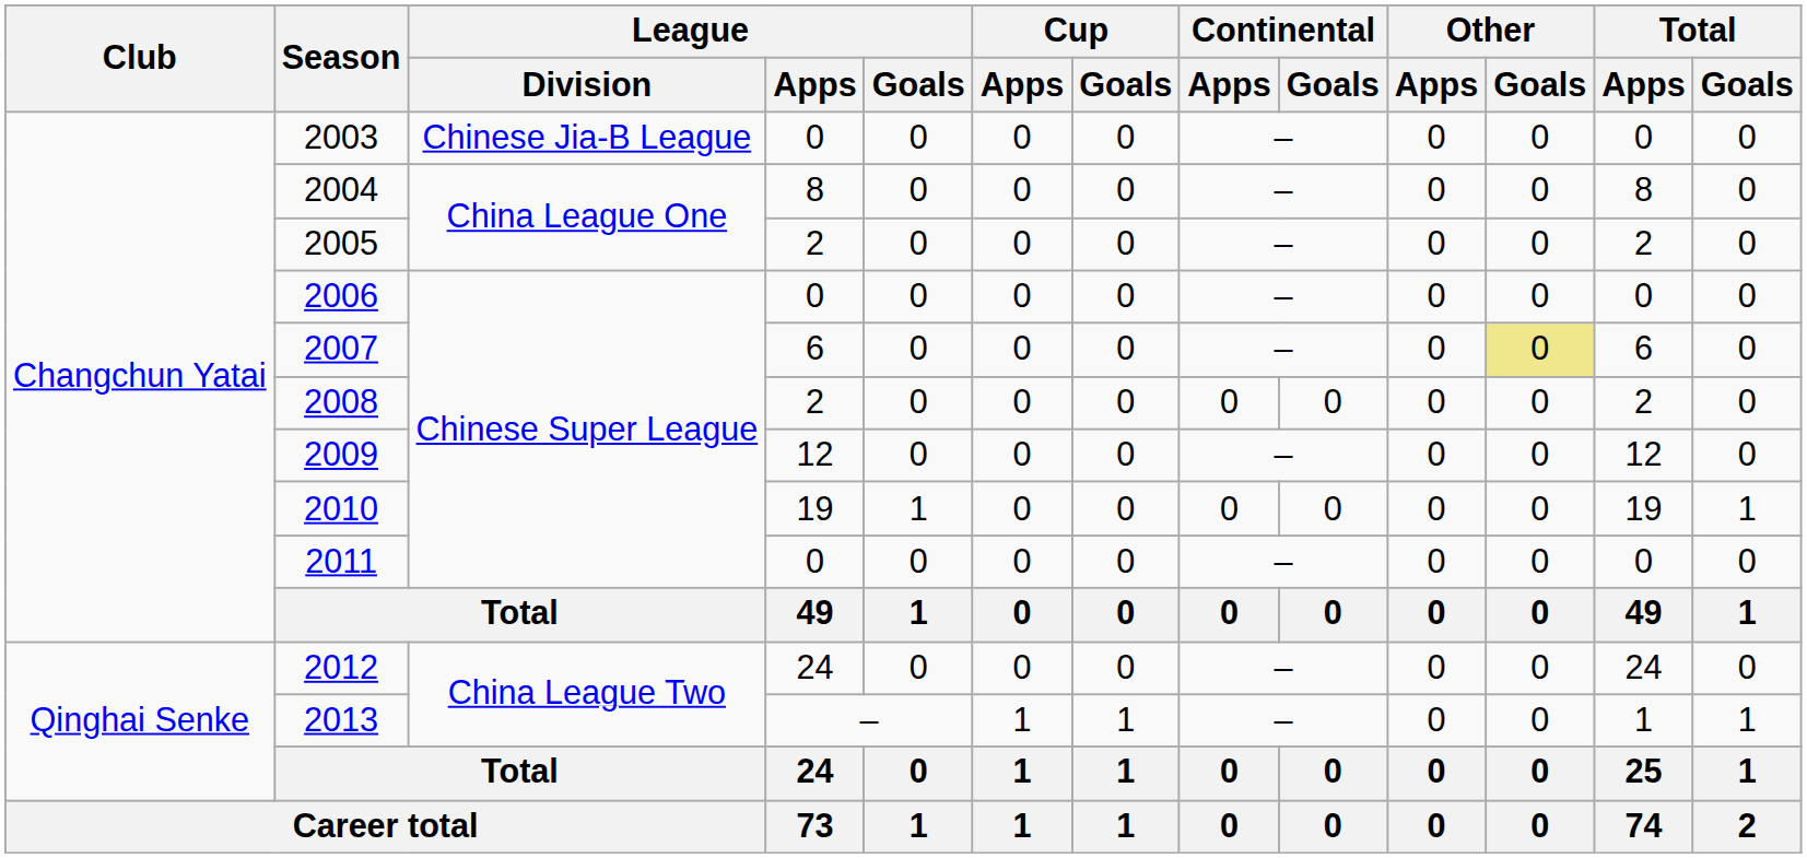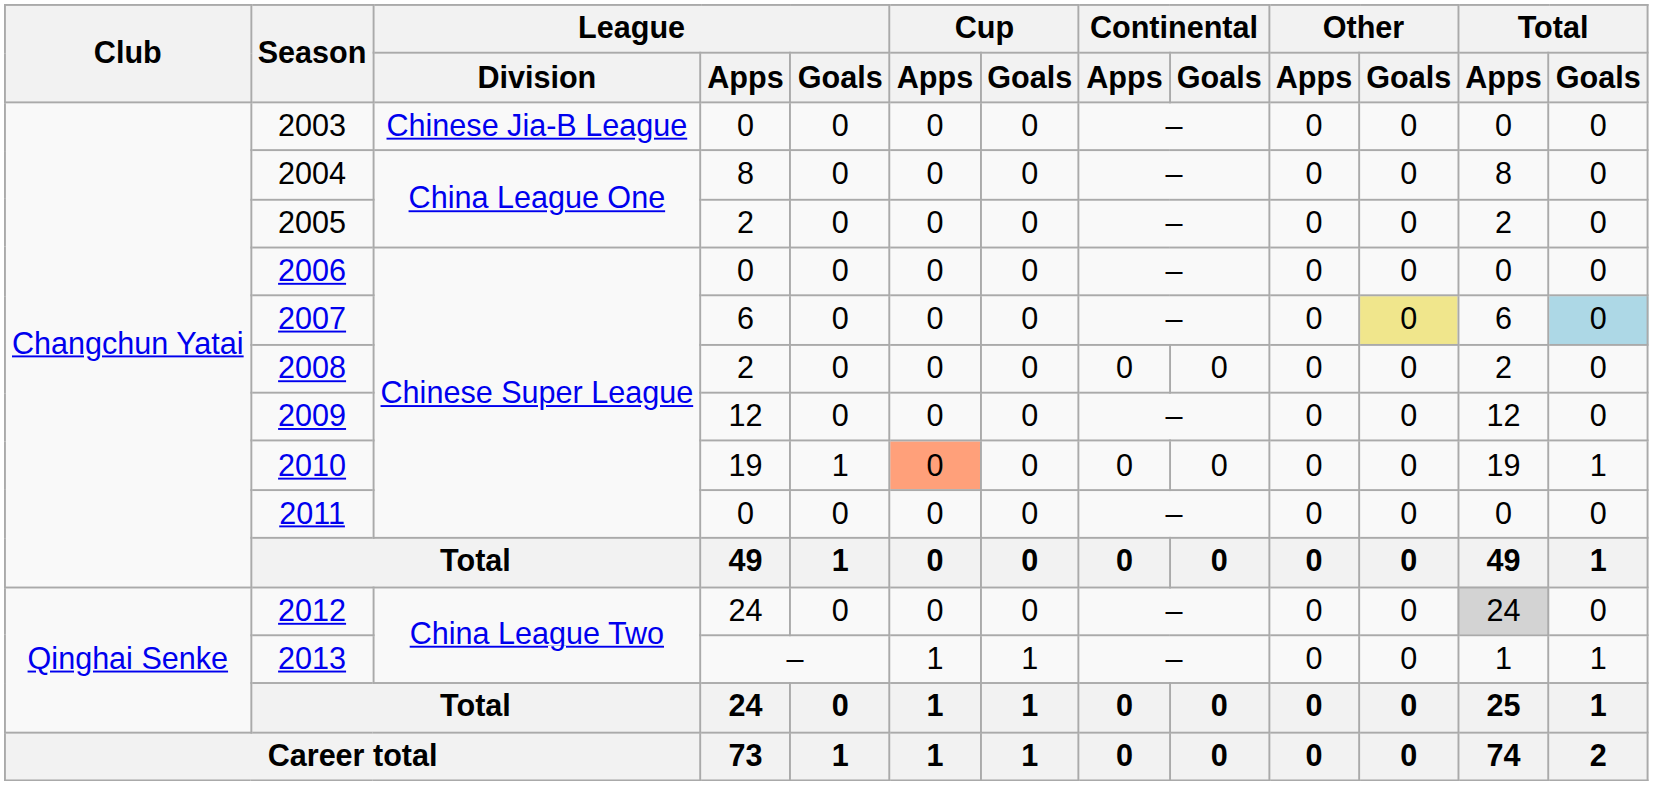 <table class="wikitable" style="text-align: center">
 <tr>
 <th rowspan="2">Club</th>
 <th rowspan="2">Season</th>
 <th colspan="3">League</th>
 <th colspan="2">Cup</th>
 <th colspan="2">Continental</th>
 <th colspan="2">Other</th>
 <th colspan="2">Total</th>
 </tr>
 <tr>
 <th>Division</th>
 <th>Apps</th>
 <th>Goals</th>
 <th>Apps</th>
 <th>Goals</th>
 <th>Apps</th>
 <th>Goals</th>
 <th>Apps</th>
 <th>Goals</th>
 <th>Apps</th>
 <th>Goals</th>
 </tr>
 <tr>
 <td rowspan="10"><a href='#'>Changchun Yatai</a></td>
 <td>2003</td>
 <td><a href='#'>Chinese Jia-B League</a></td>
 <td>0</td>
 <td>0</td>
 <td>0</td>
 <td>0</td>
 <td colspan="2">–</td>
 <td>0</td>
 <td>0</td>
 <td>0</td>
 <td>0</td>
 </tr>
 <tr>
 <td>2004</td>
 <td rowspan="2"><a href='#'>China League One</a></td>
 <td>8</td>
 <td>0</td>
 <td>0</td>
 <td>0</td>
 <td colspan="2">–</td>
 <td>0</td>
 <td>0</td>
 <td>8</td>
 <td>0</td>
 </tr>
 <tr>
 <td>2005</td>
 <td>2</td>
 <td>0</td>
 <td>0</td>
 <td>0</td>
 <td colspan="2">–</td>
 <td>0</td>
 <td>0</td>
 <td>2</td>
 <td>0</td>
 </tr>
 <tr>
 <td><a href='#'>2006</a></td>
 <td rowspan="6"><a href='#'>Chinese Super League</a></td>
 <td>0</td>
 <td>0</td>
 <td>0</td>
 <td>0</td>
 <td colspan="2">–</td>
 <td>0</td>
 <td>0</td>
 <td>0</td>
 <td>0</td>
 </tr>
 <tr>
 <td><a href='#'>2007</a></td>
 <td>6</td>
 <td>0</td>
 <td>0</td>
 <td>0</td>
 <td colspan="2">–</td>
 <td>0</td>
 <td style="background: khaki;">0</td>
 <td>6</td>
-<td>0</td>
+<td style="background: lightblue;">0</td>
 </tr>
 <tr>
 <td><a href='#'>2008</a></td>
 <td>2</td>
 <td>0</td>
 <td>0</td>
 <td>0</td>
 <td>0</td>
 <td>0</td>
 <td>0</td>
 <td>0</td>
 <td>2</td>
 <td>0</td>
 </tr>
 <tr>
 <td><a href='#'>2009</a></td>
 <td>12</td>
 <td>0</td>
 <td>0</td>
 <td>0</td>
 <td colspan="2">–</td>
 <td>0</td>
 <td>0</td>
 <td>12</td>
 <td>0</td>
 </tr>
 <tr>
 <td><a href='#'>2010</a></td>
 <td>19</td>
 <td>1</td>
-<td>0</td>
+<td style="background: lightsalmon;">0</td>
 <td>0</td>
 <td>0</td>
 <td>0</td>
 <td>0</td>
 <td>0</td>
 <td>19</td>
 <td>1</td>
 </tr>
 <tr>
 <td><a href='#'>2011</a></td>
 <td>0</td>
 <td>0</td>
 <td>0</td>
 <td>0</td>
 <td colspan="2">–</td>
 <td>0</td>
 <td>0</td>
 <td>0</td>
 <td>0</td>
 </tr>
 <tr>
 <th colspan=2>Total</th>
 <th>49</th>
 <th>1</th>
 <th>0</th>
 <th>0</th>
 <th>0</th>
 <th>0</th>
 <th>0</th>
 <th>0</th>
 <th>49</th>
 <th>1</th>
 </tr>
 <tr>
 <td rowspan="3"><a href='#'>Qinghai Senke</a></td>
 <td><a href='#'>2012</a></td>
 <td rowspan="2"><a href='#'>China League Two</a></td>
 <td>24</td>
 <td>0</td>
 <td>0</td>
 <td>0</td>
 <td colspan="2">–</td>
 <td>0</td>
 <td>0</td>
-<td>24</td>
+<td style="background: lightgrey;">24</td>
 <td>0</td>
 </tr>
 <tr>
 <td><a href='#'>2013</a></td>
 <td colspan="2">–</td>
 <td>1</td>
 <td>1</td>
 <td colspan="2">–</td>
 <td>0</td>
 <td>0</td>
 <td>1</td>
 <td>1</td>
 </tr>
 <tr>
 <th colspan=2>Total</th>
 <th>24</th>
 <th>0</th>
 <th>1</th>
 <th>1</th>
 <th>0</th>
 <th>0</th>
 <th>0</th>
 <th>0</th>
 <th>25</th>
 <th>1</th>
 </tr>
 <tr>
 <th colspan=3>Career total</th>
 <th>73</th>
 <th>1</th>
 <th>1</th>
 <th>1</th>
 <th>0</th>
 <th>0</th>
 <th>0</th>
 <th>0</th>
 <th>74</th>
 <th>2</th>
 </tr>
 </table>
